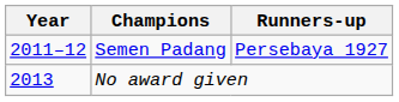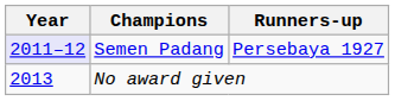 <table class="wikitable">
 <tr>
 <th>Year</th>
 <th>Champions</th>
 <th>Runners-up</th>
 </tr>
 <tr>
-<td><a href='#'>2011–12</a></td>
+<td style="background: lavender;"><a href='#'>2011–12</a></td>
 <td><a href='#'>Semen Padang</a></td>
 <td><a href='#'>Persebaya 1927</a></td>
 </tr>
 <tr>
 <td><a href='#'>2013</a></td>
 <td colspan=2><em>No award given</em></td>
 </tr>
 </table>
